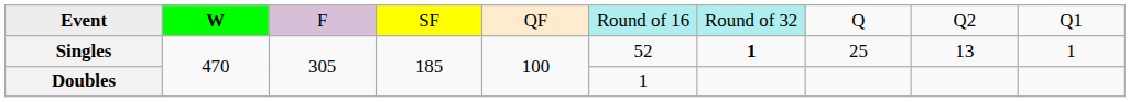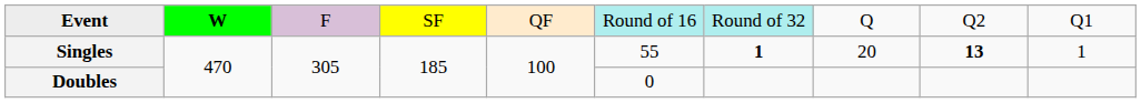 <table class=wikitable style=font-size:90%;text-align:center>
 <tr>
 <td style="width:120px; background:#ededed;"><strong>Event</strong></td>
 <td style="width:80px; background:lime;"><strong>W</strong></td>
 <td style="width:80px; background:thistle;">F</td>
 <td style="width:80px; background:#ff0;">SF</td>
 <td style="width:80px; background:#ffebcd;">QF</td>
 <td style="width:80px; background:#afeeee;">Round of 16</td>
 <td style="width:80px; background:#afeeee;">Round of 32</td>
 <td style="width:80px">Q</td>
 <td style="width:80px">Q2</td>
 <td style="width:80px">Q1</td>
 </tr>
 <tr>
 <th style="background:#f3f3f3;">Singles</th>
 <td rowspan=2>470</td>
 <td rowspan=2>305</td>
 <td rowspan=2>185</td>
 <td rowspan=2>100</td>
-<td>52</td>
+<td>55</td>
 <td><strong>1</strong></td>
-<td>25</td>
-<td>13</td>
+<td>20</td>
+<td><strong>13</strong></td>
 <td>1</td>
 </tr>
 <tr>
 <th style="background:#f3f3f3;">Doubles</th>
-<td>1</td>
+<td>0</td>
 <td></td>
 <td></td>
 <td></td>
 <td></td>
 </tr>
 </table>
